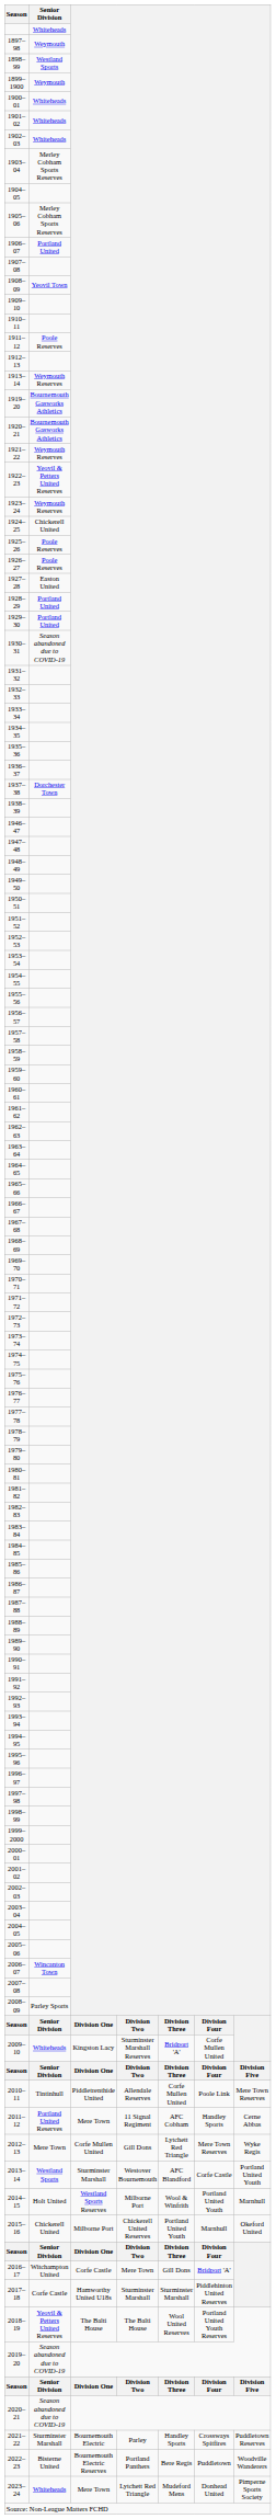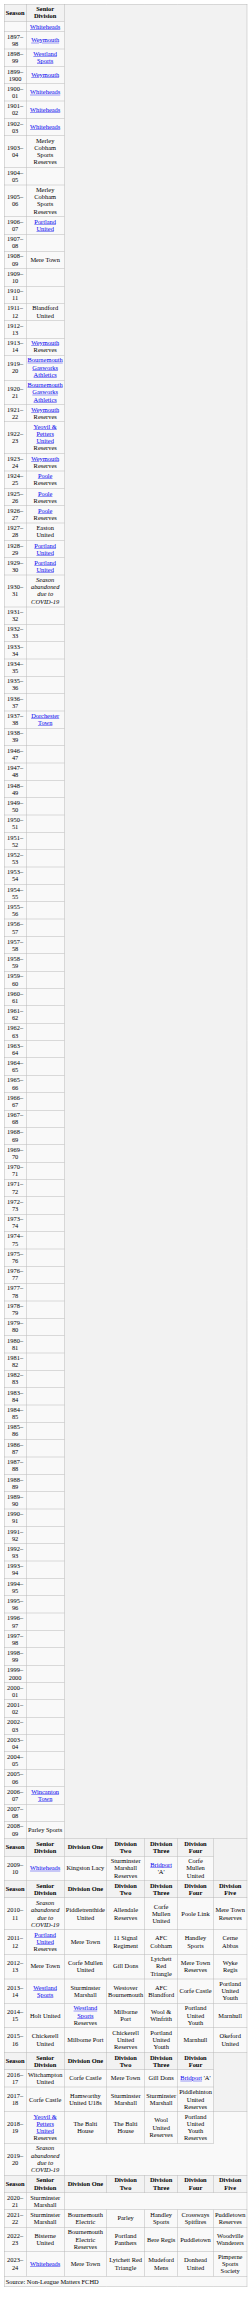 <table class="wikitable" style="text-align: center">
 <tr>
 <th>Season</th>
 <th>Senior Division</th>
 <th rowspan=102 colspan=5></th>
 </tr>
 <tr>
 <td></td>
 <td><a href='#'>Whiteheads</a></td>
 </tr>
 <tr>
 <td>1897–98</td>
 <td><a href='#'>Weymouth</a></td>
 </tr>
 <tr>
 <td>1898–99</td>
 <td><a href='#'>Westland Sports</a></td>
 </tr>
 <tr>
 <td>1899–1900</td>
 <td><a href='#'>Weymouth</a></td>
 </tr>
 <tr>
 <td>1900–01</td>
 <td><a href='#'>Whiteheads</a></td>
 </tr>
 <tr>
 <td>1901–02</td>
 <td><a href='#'>Whiteheads</a></td>
 </tr>
 <tr>
 <td>1902–03</td>
 <td><a href='#'>Whiteheads</a></td>
 </tr>
 <tr>
 <td>1903–04</td>
 <td>Merley Cobham Sports Reserves</td>
 </tr>
 <tr>
 <td>1904–05</td>
 <td></td>
 </tr>
 <tr>
 <td>1905–06</td>
 <td>Merley Cobham Sports Reserves</td>
 </tr>
 <tr>
 <td>1906–07</td>
 <td><a href='#'>Portland United</a></td>
 </tr>
 <tr>
 <td>1907–08</td>
 <td></td>
 </tr>
 <tr>
 <td>1908–09</td>
-<td><a href='#'>Yeovil Town</a></td>
+<td>Mere Town</td>
 </tr>
 <tr>
 <td>1909–10</td>
 <td></td>
 </tr>
 <tr>
 <td>1910–11</td>
 <td></td>
 </tr>
 <tr>
 <td>1911–12</td>
-<td><a href='#'>Poole</a> Reserves</td>
+<td>Blandford United</td>
 </tr>
 <tr>
 <td>1912–13</td>
 <td></td>
 </tr>
 <tr>
 <td>1913–14</td>
 <td><a href='#'>Weymouth</a> Reserves</td>
 </tr>
 <tr>
 <td>1919–20</td>
 <td><a href='#'>Bournemouth Gasworks Athletics</a></td>
 </tr>
 <tr>
 <td>1920–21</td>
 <td><a href='#'>Bournemouth Gasworks Athletics</a></td>
 </tr>
 <tr>
 <td>1921–22</td>
 <td><a href='#'>Weymouth</a> Reserves</td>
 </tr>
 <tr>
 <td>1922–23</td>
 <td><a href='#'>Yeovil & Petters United</a> Reserves</td>
 </tr>
 <tr>
 <td>1923–24</td>
 <td><a href='#'>Weymouth</a> Reserves</td>
 </tr>
 <tr>
 <td>1924–25</td>
-<td>Chickerell United</td>
+<td><a href='#'>Poole</a> Reserves</td>
 </tr>
 <tr>
 <td>1925–26</td>
 <td><a href='#'>Poole</a> Reserves</td>
 </tr>
 <tr>
 <td>1926–27</td>
 <td><a href='#'>Poole</a> Reserves</td>
 </tr>
 <tr>
 <td>1927–28</td>
 <td>Easton United</td>
 </tr>
 <tr>
 <td>1928–29</td>
 <td><a href='#'>Portland United</a></td>
 </tr>
 <tr>
 <td>1929–30</td>
 <td><a href='#'>Portland United</a></td>
 </tr>
 <tr>
 <td>1930–31</td>
 <td><em>Season abandoned due to COVID-19</em></td>
 </tr>
 <tr>
 <td>1931–32</td>
 <td></td>
 </tr>
 <tr>
 <td>1932–33</td>
 <td></td>
 </tr>
 <tr>
 <td>1933–34</td>
 <td></td>
 </tr>
 <tr>
 <td>1934–35</td>
 <td></td>
 </tr>
 <tr>
 <td>1935–36</td>
 <td></td>
 </tr>
 <tr>
 <td>1936–37</td>
 <td></td>
 </tr>
 <tr>
 <td>1937–38</td>
 <td><a href='#'>Dorchester Town</a></td>
 </tr>
 <tr>
 <td>1938–39</td>
 <td></td>
 </tr>
 <tr>
 <td>1946–47</td>
 <td></td>
 </tr>
 <tr>
 <td>1947–48</td>
 <td></td>
 </tr>
 <tr>
 <td>1948–49</td>
 <td></td>
 </tr>
 <tr>
 <td>1949–50</td>
 <td></td>
 </tr>
 <tr>
 <td>1950–51</td>
 <td></td>
 </tr>
 <tr>
 <td>1951–52</td>
 <td></td>
 </tr>
 <tr>
 <td>1952–53</td>
 <td></td>
 </tr>
 <tr>
 <td>1953–54</td>
 <td></td>
 </tr>
 <tr>
 <td>1954–55</td>
 <td></td>
 </tr>
 <tr>
 <td>1955–56</td>
 <td></td>
 </tr>
 <tr>
 <td>1956–57</td>
 <td></td>
 </tr>
 <tr>
 <td>1957–58</td>
 <td></td>
 </tr>
 <tr>
 <td>1958–59</td>
 <td></td>
 </tr>
 <tr>
 <td>1959–60</td>
 <td></td>
 </tr>
 <tr>
 <td>1960–61</td>
 <td></td>
 </tr>
 <tr>
 <td>1961–62</td>
 <td></td>
 </tr>
 <tr>
 <td>1962–63</td>
 <td></td>
 </tr>
 <tr>
 <td>1963–64</td>
 <td></td>
 </tr>
 <tr>
 <td>1964–65</td>
 <td></td>
 </tr>
 <tr>
 <td>1965–66</td>
 <td></td>
 </tr>
 <tr>
 <td>1966–67</td>
 <td></td>
 </tr>
 <tr>
 <td>1967–68</td>
 <td></td>
 </tr>
 <tr>
 <td>1968–69</td>
 <td></td>
 </tr>
 <tr>
 <td>1969–70</td>
 <td></td>
 </tr>
 <tr>
 <td>1970–71</td>
 <td></td>
 </tr>
 <tr>
 <td>1971–72</td>
 <td></td>
 </tr>
 <tr>
 <td>1972–73</td>
 <td></td>
 </tr>
 <tr>
 <td>1973–74</td>
 <td></td>
 </tr>
 <tr>
 <td>1974–75</td>
 <td></td>
 </tr>
 <tr>
 <td>1975–76</td>
 <td></td>
 </tr>
 <tr>
 <td>1976–77</td>
 <td></td>
 </tr>
 <tr>
 <td>1977–78</td>
 <td></td>
 </tr>
 <tr>
 <td>1978–79</td>
 <td></td>
 </tr>
 <tr>
 <td>1979–80</td>
 <td></td>
 </tr>
 <tr>
 <td>1980–81</td>
 <td></td>
 </tr>
 <tr>
 <td>1981–82</td>
 <td></td>
 </tr>
 <tr>
 <td>1982–83</td>
 <td></td>
 </tr>
 <tr>
 <td>1983–84</td>
 <td></td>
 </tr>
 <tr>
 <td>1984–85</td>
 <td></td>
 </tr>
 <tr>
 <td>1985–86</td>
 <td></td>
 </tr>
 <tr>
 <td>1986–87</td>
 <td></td>
 </tr>
 <tr>
 <td>1987–88</td>
 <td></td>
 </tr>
 <tr>
 <td>1988–89</td>
 <td></td>
 </tr>
 <tr>
 <td>1989–90</td>
 <td></td>
 </tr>
 <tr>
 <td>1990–91</td>
 <td></td>
 </tr>
 <tr>
 <td>1991–92</td>
 <td></td>
 </tr>
 <tr>
 <td>1992–93</td>
 <td></td>
 </tr>
 <tr>
 <td>1993–94</td>
 <td></td>
 </tr>
 <tr>
 <td>1994–95</td>
 <td></td>
 </tr>
 <tr>
 <td>1995–96</td>
 <td></td>
 </tr>
 <tr>
 <td>1996–97</td>
 <td></td>
 </tr>
 <tr>
 <td>1997–98</td>
 <td></td>
 </tr>
 <tr>
 <td>1998–99</td>
 <td></td>
 </tr>
 <tr>
 <td>1999–2000</td>
 <td></td>
 </tr>
 <tr>
 <td>2000–01</td>
 <td></td>
 </tr>
 <tr>
 <td>2001–02</td>
 <td></td>
 </tr>
 <tr>
 <td>2002–03</td>
 <td></td>
 </tr>
 <tr>
 <td>2003–04</td>
 <td></td>
 </tr>
 <tr>
 <td>2004–05</td>
 <td></td>
 </tr>
 <tr>
 <td>2005–06</td>
 <td></td>
 </tr>
 <tr>
 <td>2006–07</td>
 <td><a href='#'>Wincanton Town</a></td>
 </tr>
 <tr>
 <td>2007–08</td>
 <td></td>
 </tr>
 <tr>
 <td>2008–09</td>
 <td>Parley Sports</td>
 </tr>
 <tr>
 <th>Season</th>
 <th>Senior Division</th>
 <th>Division One</th>
 <th>Division Two</th>
 <th>Division Three</th>
 <th>Division Four</th>
 <th rowspan=2></th>
 </tr>
 <tr>
 <td>2009–10</td>
 <td><a href='#'>Whiteheads</a></td>
 <td>Kingston Lacy</td>
 <td>Sturminster Marshall Reserves</td>
 <td><a href='#'>Bridport</a> 'A'</td>
 <td>Corfe Mullen United</td>
 </tr>
 <tr>
 <th>Season</th>
 <th>Senior Division</th>
 <th>Division One</th>
 <th>Division Two</th>
 <th>Division Three</th>
 <th>Division Four</th>
 <th>Division Five</th>
 </tr>
 <tr>
 <td>2010–11</td>
-<td>Tintinhull</td>
+<td><em>Season abandoned due to COVID-19</em></td>
 <td>Piddletrenthide United</td>
 <td>Allendale Reserves</td>
 <td>Corfe Mullen United</td>
 <td>Poole Link</td>
 <td>Mere Town Reserves</td>
 </tr>
 <tr>
 <td>2011–12</td>
 <td><a href='#'>Portland United</a> Reserves</td>
 <td>Mere Town</td>
 <td>11 Signal Regiment</td>
 <td>AFC Cobham</td>
 <td>Handley Sports</td>
 <td>Cerne Abbas</td>
 </tr>
 <tr>
 <td>2012–13</td>
 <td>Mere Town</td>
 <td>Corfe Mullen United</td>
 <td>Gill Dons</td>
 <td>Lytchett Red Triangle</td>
 <td>Mere Town Reserves</td>
 <td>Wyke Regis</td>
 </tr>
 <tr>
 <td>2013–14</td>
 <td><a href='#'>Westland Sports</a></td>
 <td>Sturminster Marshall</td>
 <td>Westover Bournemouth</td>
 <td>AFC Blandford</td>
 <td>Corfe Castle</td>
 <td>Portland United Youth</td>
 </tr>
 <tr>
 <td>2014–15</td>
 <td>Holt United</td>
 <td><a href='#'>Westland Sports</a> Reserves</td>
 <td>Milborne Port</td>
 <td>Wool & Winfrith</td>
 <td>Portland United Youth</td>
 <td>Marnhull</td>
 </tr>
 <tr>
 <td>2015–16</td>
 <td>Chickerell United</td>
 <td>Milborne Port</td>
 <td>Chickerell United Reserves</td>
 <td>Portland United Youth</td>
 <td>Marnhull</td>
 <td>Okeford United</td>
 </tr>
 <tr>
 <th>Season</th>
 <th>Senior Division</th>
 <th>Division One</th>
 <th>Division Two</th>
 <th>Division Three</th>
 <th>Division Four</th>
 <th rowspan=3></th>
 </tr>
 <tr>
 <td>2016–17</td>
 <td>Witchampton United</td>
 <td>Corfe Castle</td>
 <td>Mere Town</td>
 <td>Gill Dons</td>
 <td><a href='#'>Bridport</a> 'A'</td>
 </tr>
 <tr>
 <td>2017–18</td>
 <td>Corfe Castle</td>
 <td>Hamworthy United U18s</td>
 <td>Sturminster Marshall</td>
 <td>Sturminster Marshall</td>
 <td>Piddlehinton United Reserves</td>
 </tr>
 <tr>
 <td>2018–19</td>
 <td><a href='#'>Yeovil & Petters United</a> Reserves</td>
 <td>The Balti House</td>
 <td>The Balti House</td>
 <td>Wool United Reserves</td>
 <td>Portland United Youth Reserves</td>
 </tr>
 <tr>
 <td>2019–20</td>
 <td><em>Season abandoned due to COVID-19</em></td>
 </tr>
 <tr>
 <th>Season</th>
 <th>Senior Division</th>
 <th>Division One</th>
 <th>Division Two</th>
 <th>Division Three</th>
 <th>Division Four</th>
 <th>Division Five</th>
 </tr>
 <tr>
 <td>2020–21</td>
-<td><em>Season abandoned due to COVID-19</em></td>
+<td>Sturminster Marshall</td>
 </tr>
 <tr>
 <td>2021–22</td>
 <td>Sturminster Marshall</td>
 <td>Bournemouth Electric</td>
 <td>Parley</td>
 <td>Handley Sports</td>
 <td>Crossways Spitfires</td>
 <td>Puddletown Reserves</td>
 </tr>
 <tr>
 <td>2022–23</td>
 <td>Bisterne United</td>
 <td>Bournemouth Electric Reserves</td>
 <td>Portland Panthers</td>
 <td>Bere Regis</td>
 <td>Puddletown</td>
 <td>Woodville Wanderers</td>
 </tr>
 <tr>
 <td>2023–24</td>
 <td><a href='#'>Whiteheads</a></td>
 <td>Mere Town</td>
 <td>Lytchett Red Triangle</td>
 <td>Mudeford Mens</td>
 <td>Donhead United</td>
 <td>Pimperne Sports Society</td>
 </tr>
 <tr>
 <td align=left colspan=7>Source: Non-League Matters FCHD</td>
 </tr>
 </table>
